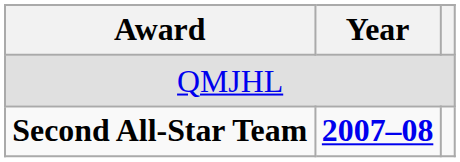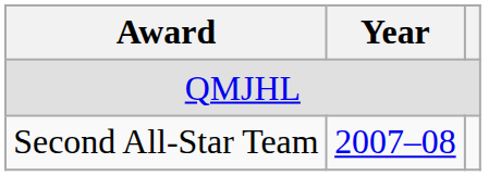 <table class="wikitable">
 <tr>
 <th>Award</th>
 <th>Year</th>
 <th></th>
 </tr>
 <tr ALIGN="center" bgcolor="#e0e0e0">
 <td colspan="3"><a href='#'>QMJHL</a></td>
 </tr>
 <tr>
-<td><strong>Second All-Star Team</strong></td>
-<td><strong><a href='#'>2007–08</a></strong></td>
+<td>Second All-Star Team</td>
+<td><a href='#'>2007–08</a></td>
 <td></td>
 </tr>
 </table>
